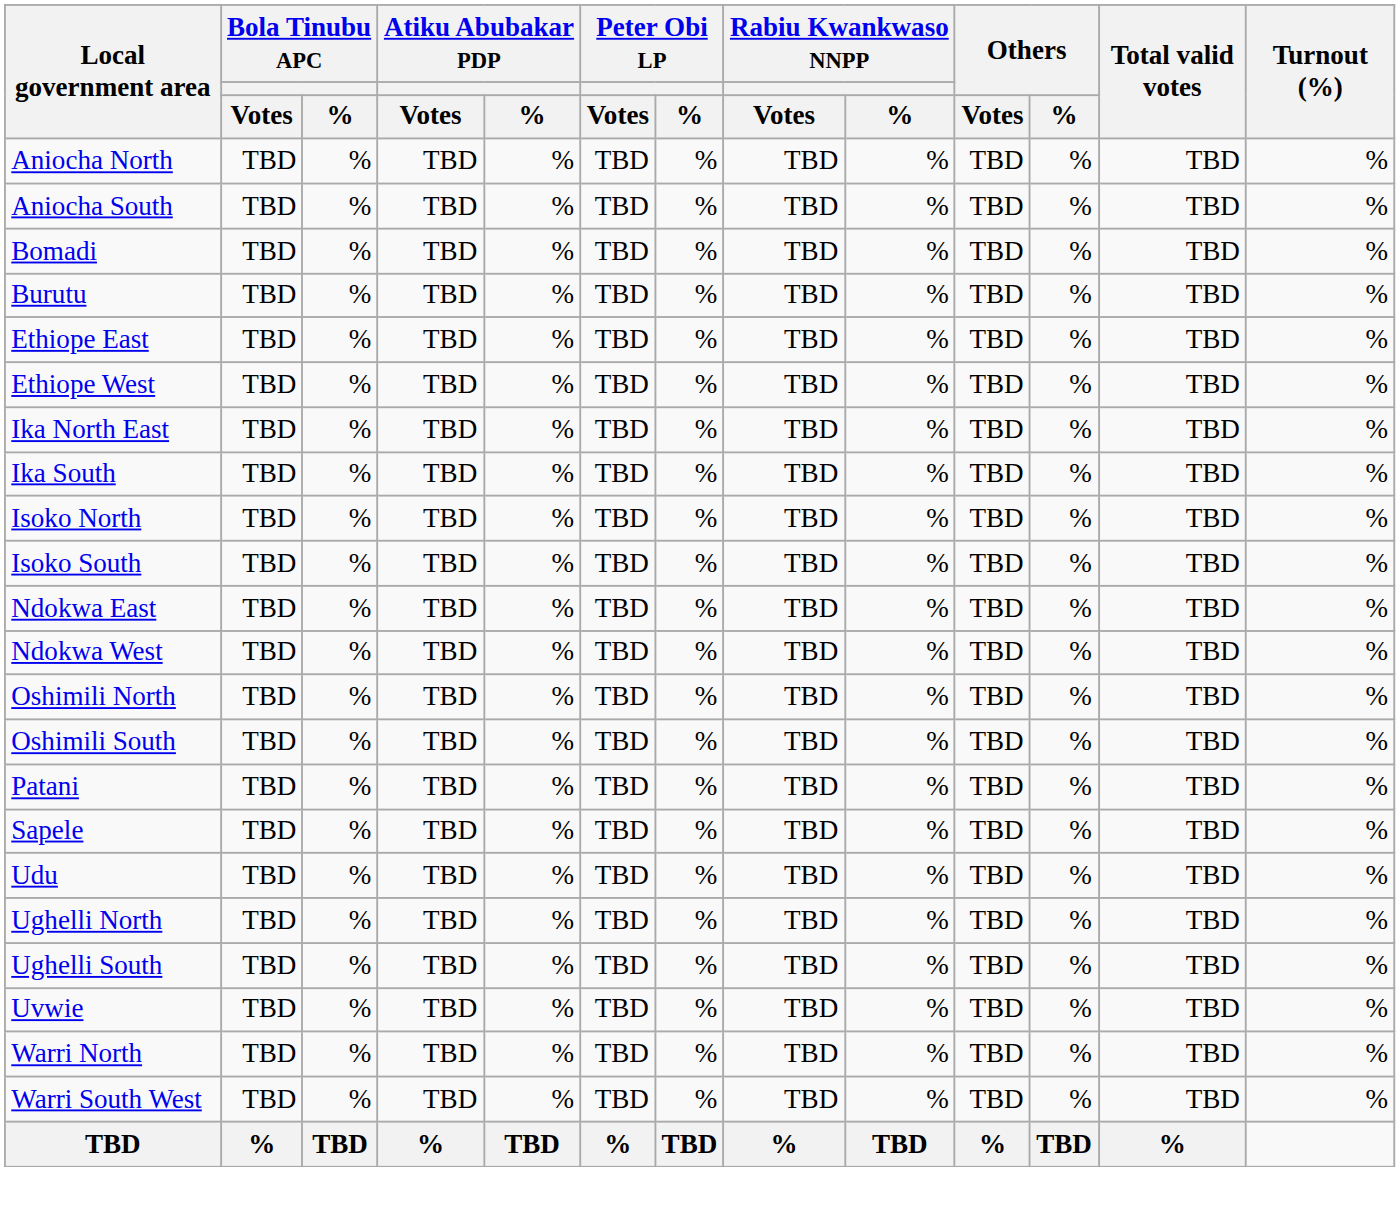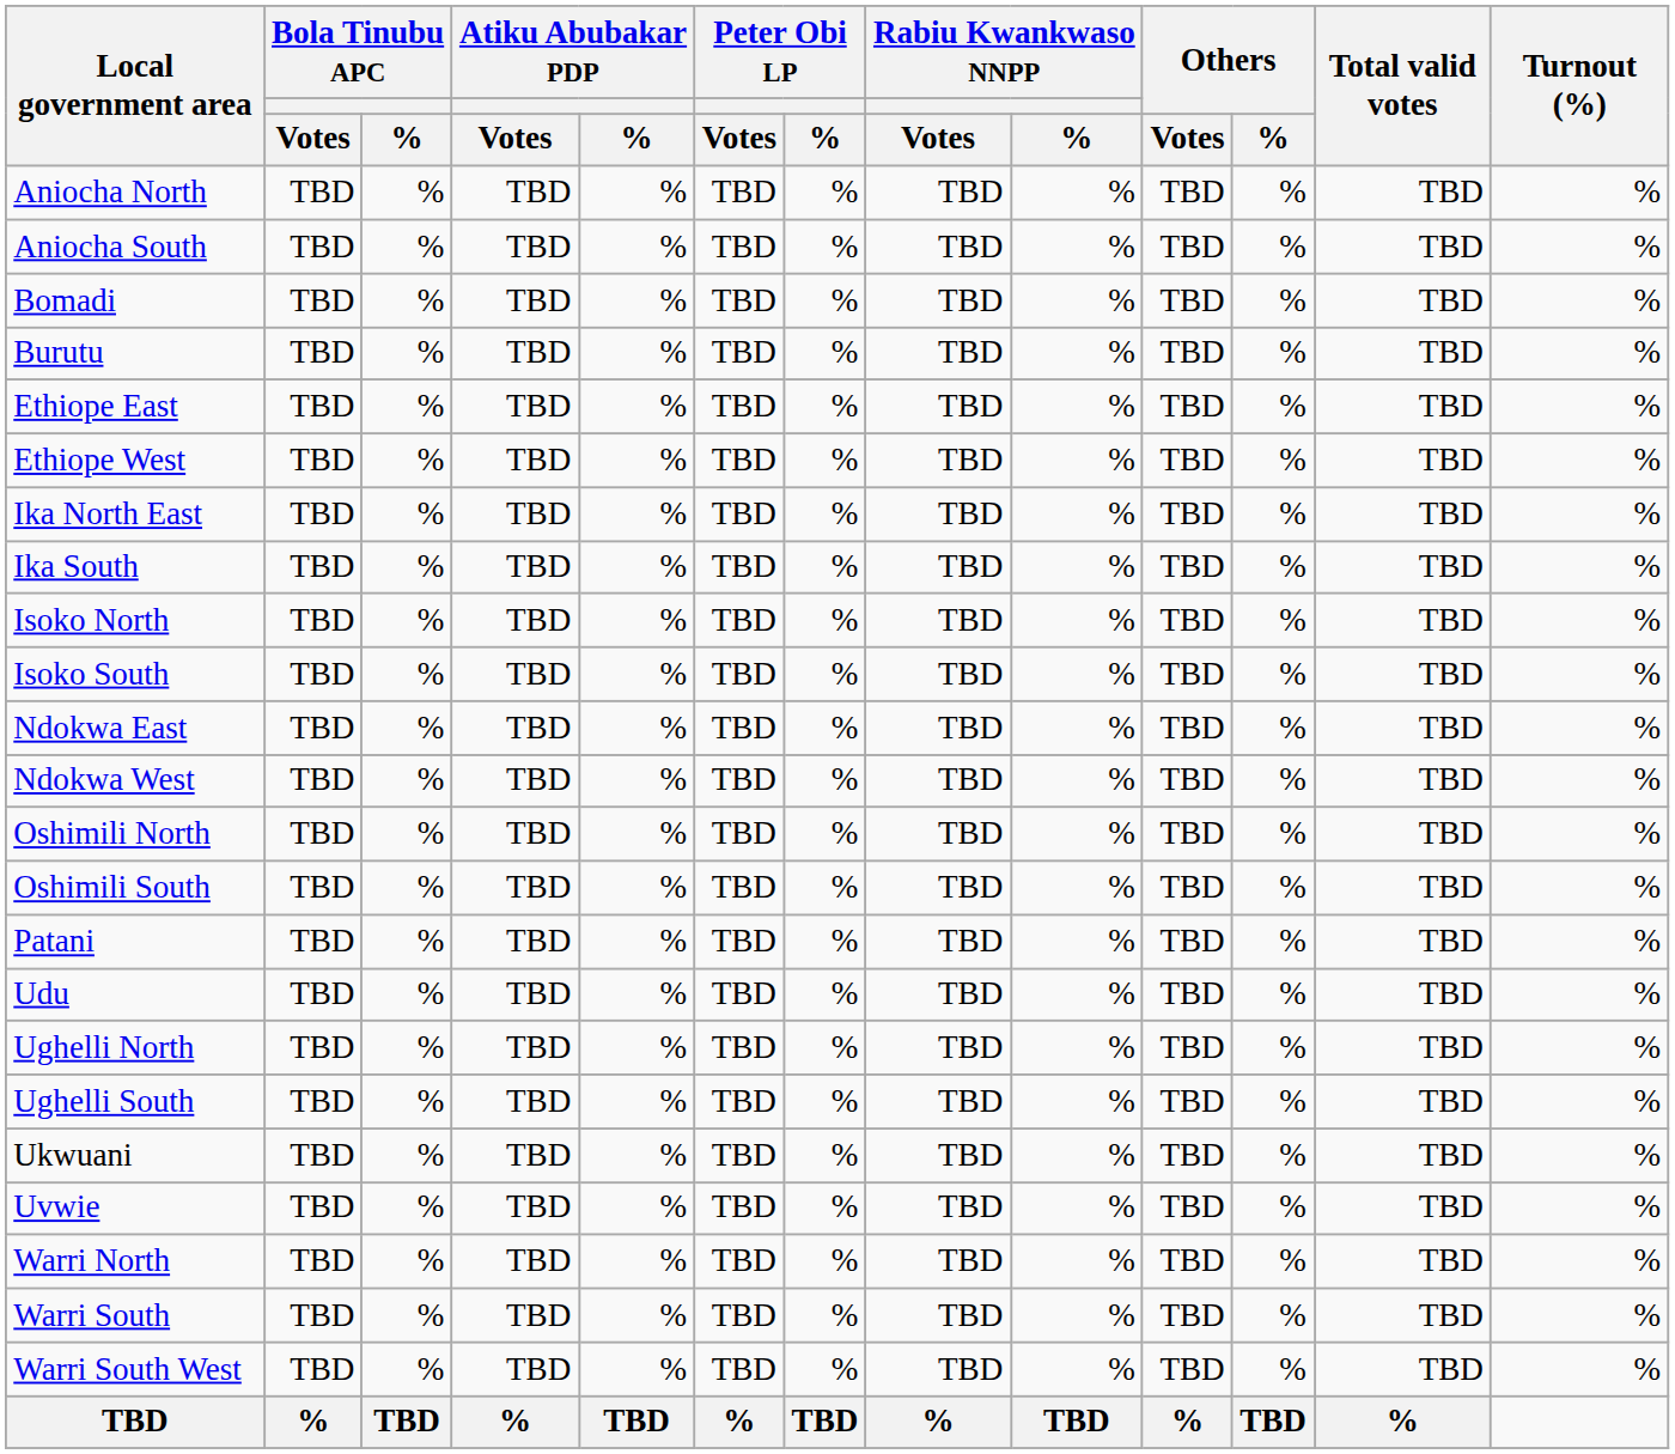 <table class="wikitable sortable" style="text-align:right; font-size:90%">
 <tr>
 <th rowspan="3" style="max-width:7.5em;">Local government area</th>
 <th colspan="2"><a href='#'>Bola Tinubu</a><br><small>APC</small></th>
 <th colspan="2"><a href='#'>Atiku Abubakar</a><br><small>PDP</small></th>
 <th colspan="2"><a href='#'>Peter Obi</a><br><small>LP</small></th>
 <th colspan="2"><a href='#'>Rabiu Kwankwaso</a><br><small>NNPP</small></th>
 <th colspan="2" rowspan="2">Others</th>
 <th rowspan="3" style="max-width:5em;">Total valid votes</th>
 <th rowspan="3" style="max-width:5em;">Turnout (%)</th>
 </tr>
 <tr>
 <th colspan=2 style="background-color:"></th>
 <th colspan=2 style="background-color:"></th>
 <th colspan=2 style="background-color:"></th>
 <th colspan=2 style="background-color:"></th>
 </tr>
 <tr>
 <th>Votes</th>
 <th>%</th>
 <th>Votes</th>
 <th>%</th>
 <th>Votes</th>
 <th>%</th>
 <th>Votes</th>
 <th>%</th>
 <th>Votes</th>
 <th>%</th>
 </tr>
 <tr style="background-color:#">
 <td style="text-align:left;"><a href='#'>Aniocha North</a></td>
 <td>TBD</td>
 <td>%</td>
 <td>TBD</td>
 <td>%</td>
 <td>TBD</td>
 <td>%</td>
 <td>TBD</td>
 <td>%</td>
 <td>TBD</td>
 <td>%</td>
 <td>TBD</td>
 <td>%</td>
 </tr>
 <tr style="background-color:#">
 <td style="text-align:left;"><a href='#'>Aniocha South</a></td>
 <td>TBD</td>
 <td>%</td>
 <td>TBD</td>
 <td>%</td>
 <td>TBD</td>
 <td>%</td>
 <td>TBD</td>
 <td>%</td>
 <td>TBD</td>
 <td>%</td>
 <td>TBD</td>
 <td>%</td>
 </tr>
 <tr style="background-color:#">
 <td style="text-align:left;"><a href='#'>Bomadi</a></td>
 <td>TBD</td>
 <td>%</td>
 <td>TBD</td>
 <td>%</td>
 <td>TBD</td>
 <td>%</td>
 <td>TBD</td>
 <td>%</td>
 <td>TBD</td>
 <td>%</td>
 <td>TBD</td>
 <td>%</td>
 </tr>
 <tr style="background-color:#">
 <td style="text-align:left;"><a href='#'>Burutu</a></td>
 <td>TBD</td>
 <td>%</td>
 <td>TBD</td>
 <td>%</td>
 <td>TBD</td>
 <td>%</td>
 <td>TBD</td>
 <td>%</td>
 <td>TBD</td>
 <td>%</td>
 <td>TBD</td>
 <td>%</td>
 </tr>
 <tr style="background-color:#">
 <td style="text-align:left;"><a href='#'>Ethiope East</a></td>
 <td>TBD</td>
 <td>%</td>
 <td>TBD</td>
 <td>%</td>
 <td>TBD</td>
 <td>%</td>
 <td>TBD</td>
 <td>%</td>
 <td>TBD</td>
 <td>%</td>
 <td>TBD</td>
 <td>%</td>
 </tr>
 <tr style="background-color:#">
 <td style="text-align:left;"><a href='#'>Ethiope West</a></td>
 <td>TBD</td>
 <td>%</td>
 <td>TBD</td>
 <td>%</td>
 <td>TBD</td>
 <td>%</td>
 <td>TBD</td>
 <td>%</td>
 <td>TBD</td>
 <td>%</td>
 <td>TBD</td>
 <td>%</td>
 </tr>
 <tr style="background-color:#">
 <td style="text-align:left;"><a href='#'>Ika North East</a></td>
 <td>TBD</td>
 <td>%</td>
 <td>TBD</td>
 <td>%</td>
 <td>TBD</td>
 <td>%</td>
 <td>TBD</td>
 <td>%</td>
 <td>TBD</td>
 <td>%</td>
 <td>TBD</td>
 <td>%</td>
 </tr>
 <tr style="background-color:#">
 <td style="text-align:left;"><a href='#'>Ika South</a></td>
 <td>TBD</td>
 <td>%</td>
 <td>TBD</td>
 <td>%</td>
 <td>TBD</td>
 <td>%</td>
 <td>TBD</td>
 <td>%</td>
 <td>TBD</td>
 <td>%</td>
 <td>TBD</td>
 <td>%</td>
 </tr>
 <tr style="background-color:#">
 <td style="text-align:left;"><a href='#'>Isoko North</a></td>
 <td>TBD</td>
 <td>%</td>
 <td>TBD</td>
 <td>%</td>
 <td>TBD</td>
 <td>%</td>
 <td>TBD</td>
 <td>%</td>
 <td>TBD</td>
 <td>%</td>
 <td>TBD</td>
 <td>%</td>
 </tr>
 <tr style="background-color:#">
 <td style="text-align:left;"><a href='#'>Isoko South</a></td>
 <td>TBD</td>
 <td>%</td>
 <td>TBD</td>
 <td>%</td>
 <td>TBD</td>
 <td>%</td>
 <td>TBD</td>
 <td>%</td>
 <td>TBD</td>
 <td>%</td>
 <td>TBD</td>
 <td>%</td>
 </tr>
 <tr style="background-color:#">
 <td style="text-align:left;"><a href='#'>Ndokwa East</a></td>
 <td>TBD</td>
 <td>%</td>
 <td>TBD</td>
 <td>%</td>
 <td>TBD</td>
 <td>%</td>
 <td>TBD</td>
 <td>%</td>
 <td>TBD</td>
 <td>%</td>
 <td>TBD</td>
 <td>%</td>
 </tr>
 <tr style="background-color:#">
 <td style="text-align:left;"><a href='#'>Ndokwa West</a></td>
 <td>TBD</td>
 <td>%</td>
 <td>TBD</td>
 <td>%</td>
 <td>TBD</td>
 <td>%</td>
 <td>TBD</td>
 <td>%</td>
 <td>TBD</td>
 <td>%</td>
 <td>TBD</td>
 <td>%</td>
 </tr>
 <tr style="background-color:#">
 <td style="text-align:left;"><a href='#'>Oshimili North</a></td>
 <td>TBD</td>
 <td>%</td>
 <td>TBD</td>
 <td>%</td>
 <td>TBD</td>
 <td>%</td>
 <td>TBD</td>
 <td>%</td>
 <td>TBD</td>
 <td>%</td>
 <td>TBD</td>
 <td>%</td>
 </tr>
 <tr style="background-color:#">
 <td style="text-align:left;"><a href='#'>Oshimili South</a></td>
 <td>TBD</td>
 <td>%</td>
 <td>TBD</td>
 <td>%</td>
 <td>TBD</td>
 <td>%</td>
 <td>TBD</td>
 <td>%</td>
 <td>TBD</td>
 <td>%</td>
 <td>TBD</td>
 <td>%</td>
 </tr>
 <tr style="background-color:#">
 <td style="text-align:left;"><a href='#'>Patani</a></td>
 <td>TBD</td>
 <td>%</td>
 <td>TBD</td>
 <td>%</td>
 <td>TBD</td>
 <td>%</td>
 <td>TBD</td>
 <td>%</td>
 <td>TBD</td>
 <td>%</td>
 <td>TBD</td>
 <td>%</td>
 </tr>
 <tr style="background-color:#">
-<td style="text-align:left;"><a href='#'>Sapele</a></td>
-<td>TBD</td>
-<td>%</td>
-<td>TBD</td>
-<td>%</td>
-<td>TBD</td>
-<td>%</td>
-<td>TBD</td>
-<td>%</td>
-<td>TBD</td>
-<td>%</td>
-<td>TBD</td>
-<td>%</td>
-</tr>
-<tr style="background-color:#">
 <td style="text-align:left;"><a href='#'>Udu</a></td>
 <td>TBD</td>
 <td>%</td>
 <td>TBD</td>
 <td>%</td>
 <td>TBD</td>
 <td>%</td>
 <td>TBD</td>
 <td>%</td>
 <td>TBD</td>
 <td>%</td>
 <td>TBD</td>
 <td>%</td>
 </tr>
 <tr style="background-color:#">
 <td style="text-align:left;"><a href='#'>Ughelli North</a></td>
 <td>TBD</td>
 <td>%</td>
 <td>TBD</td>
 <td>%</td>
 <td>TBD</td>
 <td>%</td>
 <td>TBD</td>
 <td>%</td>
 <td>TBD</td>
 <td>%</td>
 <td>TBD</td>
 <td>%</td>
 </tr>
 <tr style="background-color:#">
 <td style="text-align:left;"><a href='#'>Ughelli South</a></td>
 <td>TBD</td>
 <td>%</td>
 <td>TBD</td>
 <td>%</td>
 <td>TBD</td>
 <td>%</td>
 <td>TBD</td>
 <td>%</td>
 <td>TBD</td>
 <td>%</td>
 <td>TBD</td>
 <td>%</td>
 </tr>
 <tr style="background-color:#">
+<td style="text-align:left;">Ukwuani</td>
+<td>TBD</td>
+<td>%</td>
+<td>TBD</td>
+<td>%</td>
+<td>TBD</td>
+<td>%</td>
+<td>TBD</td>
+<td>%</td>
+<td>TBD</td>
+<td>%</td>
+<td>TBD</td>
+<td>%</td>
+</tr>
+<tr style="background-color:#">
 <td style="text-align:left;"><a href='#'>Uvwie</a></td>
 <td>TBD</td>
 <td>%</td>
 <td>TBD</td>
 <td>%</td>
 <td>TBD</td>
 <td>%</td>
 <td>TBD</td>
 <td>%</td>
 <td>TBD</td>
 <td>%</td>
 <td>TBD</td>
 <td>%</td>
 </tr>
 <tr style="background-color:#">
 <td style="text-align:left;"><a href='#'>Warri North</a></td>
+<td>TBD</td>
+<td>%</td>
+<td>TBD</td>
+<td>%</td>
+<td>TBD</td>
+<td>%</td>
+<td>TBD</td>
+<td>%</td>
+<td>TBD</td>
+<td>%</td>
+<td>TBD</td>
+<td>%</td>
+</tr>
+<tr style="background-color:#">
+<td style="text-align:left;"><a href='#'>Warri South</a></td>
 <td>TBD</td>
 <td>%</td>
 <td>TBD</td>
 <td>%</td>
 <td>TBD</td>
 <td>%</td>
 <td>TBD</td>
 <td>%</td>
 <td>TBD</td>
 <td>%</td>
 <td>TBD</td>
 <td>%</td>
 </tr>
 <tr style="background-color:#">
 <td style="text-align:left;"><a href='#'>Warri South West</a></td>
 <td>TBD</td>
 <td>%</td>
 <td>TBD</td>
 <td>%</td>
 <td>TBD</td>
 <td>%</td>
 <td>TBD</td>
 <td>%</td>
 <td>TBD</td>
 <td>%</td>
 <td>TBD</td>
 <td>%</td>
 </tr>
 <tr>
 <th>TBD</th>
 <th>%</th>
 <th>TBD</th>
 <th>%</th>
 <th>TBD</th>
 <th>%</th>
 <th>TBD</th>
 <th>%</th>
 <th>TBD</th>
 <th>%</th>
 <th>TBD</th>
 <th>%</th>
 </tr>
 </table>
